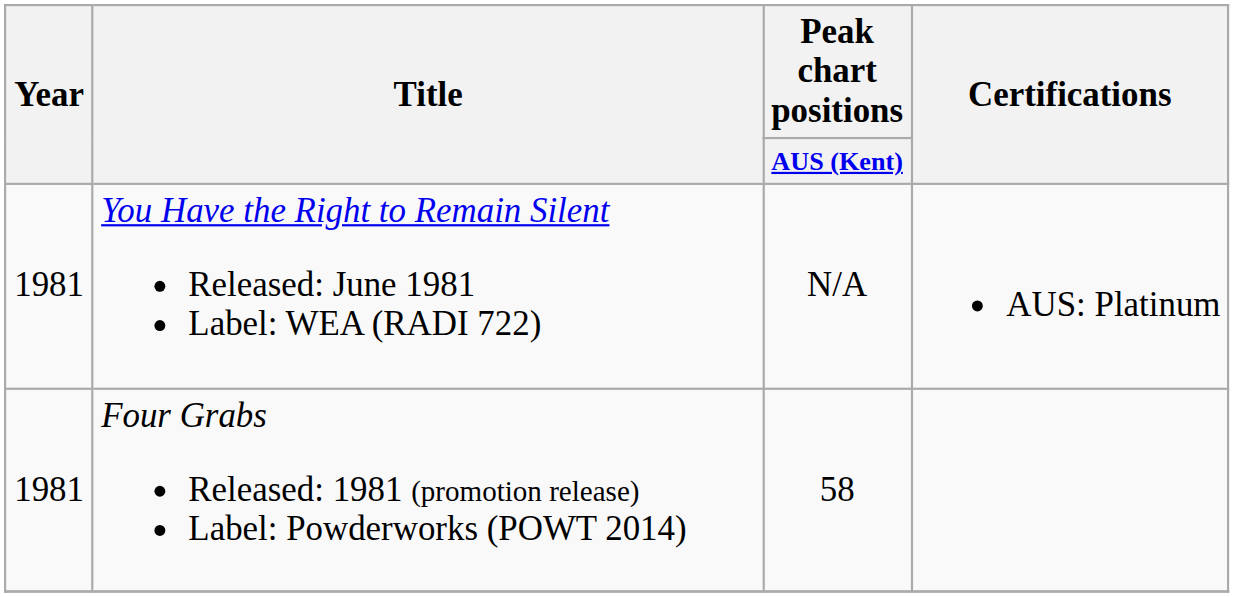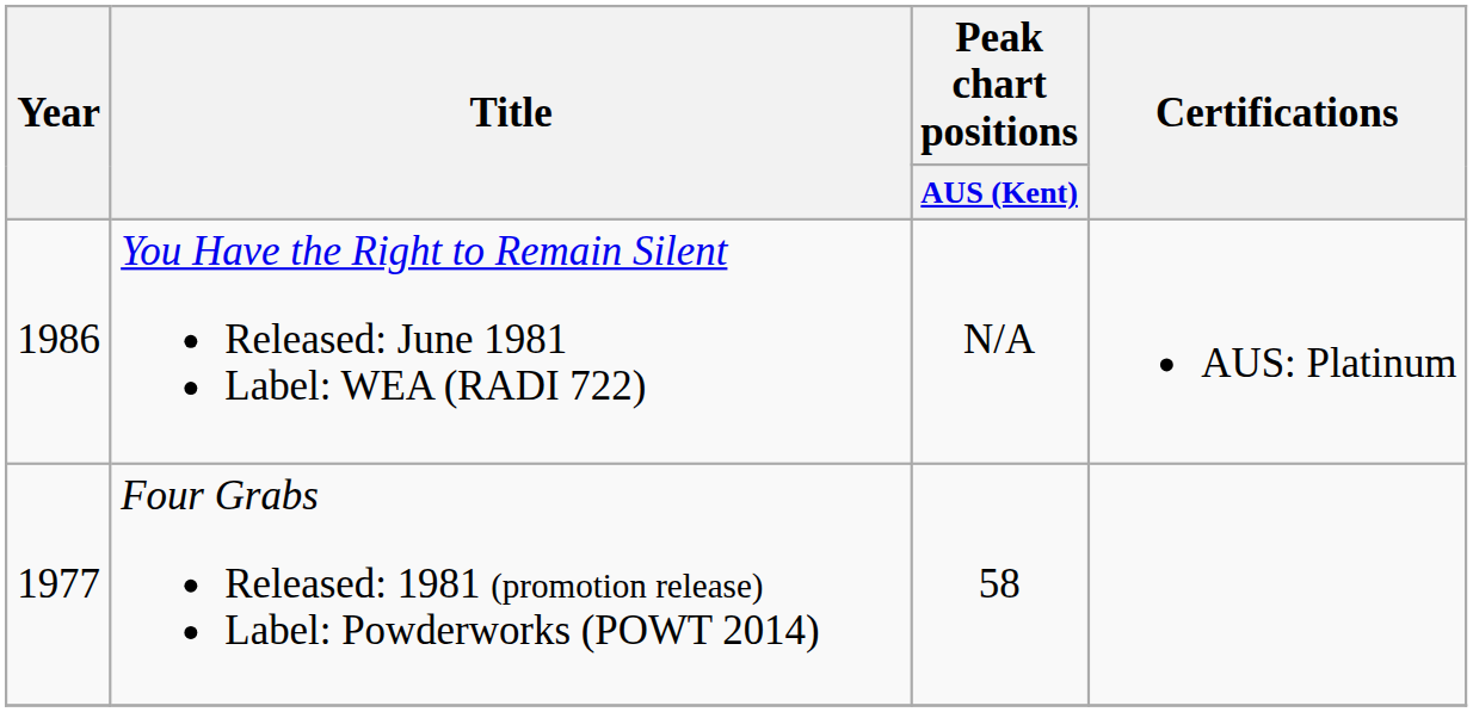 <table class="wikitable">
 <tr>
 <th rowspan="2" width="33">Year</th>
 <th rowspan="2" width="300">Title</th>
 <th colspan="1">Peak chart positions</th>
 <th rowspan="2">Certifications</th>
 </tr>
 <tr>
 <th style="width:3em;font-size:75%"><a href='#'>AUS (Kent)</a></th>
 </tr>
 <tr>
-<td align="center">1981</td>
+<td align="center">1986</td>
 <td><em><a href='#'>You Have the Right to Remain Silent</a></em><br><ul><li>Released: June 1981</li><li>Label: WEA (RADI 722)</li></ul></td>
 <td align="center">N/A</td>
 <td><br><ul><li>AUS: Platinum</li></ul></td>
 </tr>
 <tr>
-<td align="center">1981</td>
+<td align="center">1977</td>
 <td><em>Four Grabs</em><br><ul><li>Released: 1981 <small>(promotion release)</small></li><li>Label: Powderworks (POWT 2014)</li></ul></td>
 <td align="center">58</td>
 <td></td>
 </tr>
 <tr>
 </tr>
 </table>
